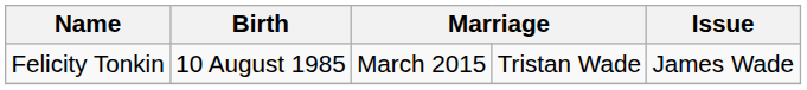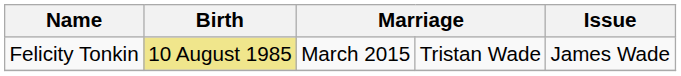 <table class="wikitable">
 <tr>
 <th>Name</th>
 <th>Birth</th>
 <th colspan="2">Marriage</th>
 <th>Issue</th>
 </tr>
 <tr>
 <td>Felicity Tonkin</td>
-<td>10 August 1985</td>
+<td style="background: khaki;">10 August 1985</td>
 <td>March 2015</td>
 <td>Tristan Wade</td>
 <td>James Wade</td>
 </tr>
 <tr>
 </tr>
 </table>
